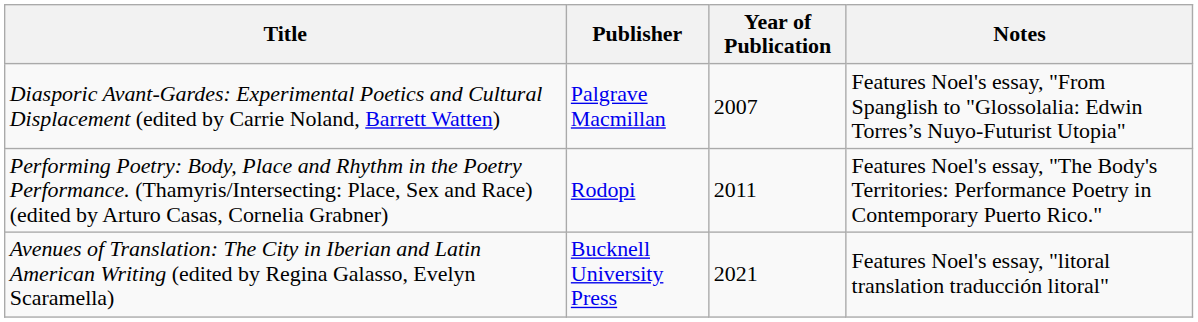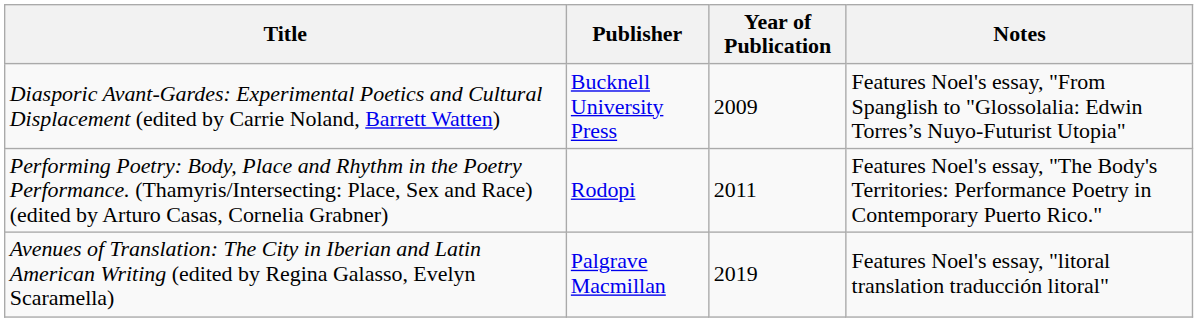 <table class="wikitable">
 <tr>
 <th>Title</th>
 <th>Publisher</th>
 <th>Year of Publication</th>
 <th>Notes</th>
 </tr>
 <tr>
 <td><em>Diasporic Avant-Gardes: Experimental Poetics and Cultural Displacement</em> (edited by Carrie Noland, <a href='#'>Barrett Watten</a>)</td>
-<td><a href='#'>Palgrave Macmillan</a></td>
-<td>2007</td>
+<td><a href='#'>Bucknell University Press</a></td>
+<td>2009</td>
 <td>Features Noel's essay, "From Spanglish to "Glossolalia: Edwin Torres’s Nuyo-Futurist Utopia"</td>
 </tr>
 <tr>
 <td><em>Performing Poetry: Body, Place and Rhythm in the Poetry Performance.</em> (Thamyris/Intersecting: Place, Sex and Race) (edited by Arturo Casas, Cornelia Grabner)</td>
 <td><a href='#'>Rodopi</a></td>
 <td>2011</td>
 <td>Features Noel's essay, "The Body's Territories: Performance Poetry in Contemporary Puerto Rico."</td>
 </tr>
 <tr>
 <td><em>Avenues of Translation: The City in Iberian and Latin American Writing</em> (edited by Regina Galasso, Evelyn Scaramella)</td>
-<td><a href='#'>Bucknell University Press</a></td>
-<td>2021</td>
+<td><a href='#'>Palgrave Macmillan</a></td>
+<td>2019</td>
 <td>Features Noel's essay, "litoral translation traducción litoral"</td>
 </tr>
 </table>
